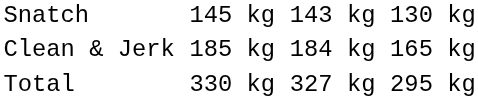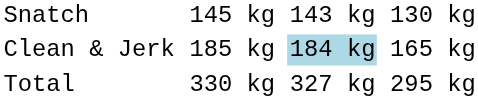 <table>
 <tr>
 <td>Snatch</td>
 <td></td>
 <td>145 kg</td>
 <td></td>
 <td>143 kg</td>
 <td></td>
 <td>130 kg</td>
 </tr>
 <tr>
 <td>Clean & Jerk</td>
 <td></td>
 <td>185 kg</td>
 <td></td>
-<td>184 kg</td>
+<td style="background: lightblue;">184 kg</td>
 <td></td>
 <td>165 kg</td>
 </tr>
 <tr>
 <td>Total</td>
 <td></td>
 <td>330 kg</td>
 <td></td>
 <td>327 kg</td>
 <td></td>
 <td>295 kg</td>
 </tr>
 </table>
